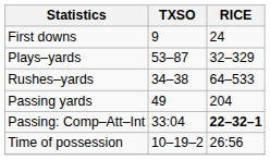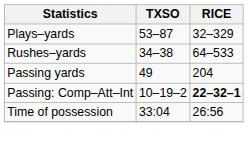 <table class="wikitable" style="float: left;">
 <tr>
 <th>Statistics</th>
 <th>TXSO</th>
 <th>RICE</th>
-</tr>
-<tr>
-<td>First downs</td>
-<td>9</td>
-<td>24</td>
 </tr>
 <tr>
 <td>Plays–yards</td>
 <td>53–87</td>
 <td>32–329</td>
 </tr>
 <tr>
 <td>Rushes–yards</td>
 <td>34–38</td>
 <td>64–533</td>
 </tr>
 <tr>
 <td>Passing yards</td>
 <td>49</td>
 <td>204</td>
 </tr>
 <tr>
 <td>Passing: Comp–Att–Int</td>
-<td>33:04</td>
+<td>10–19–2</td>
 <td><strong>22–32–1</strong></td>
 </tr>
 <tr>
 <td>Time of possession</td>
-<td>10–19–2</td>
+<td>33:04</td>
 <td>26:56</td>
 </tr>
 <tr>
 </tr>
 </table>
